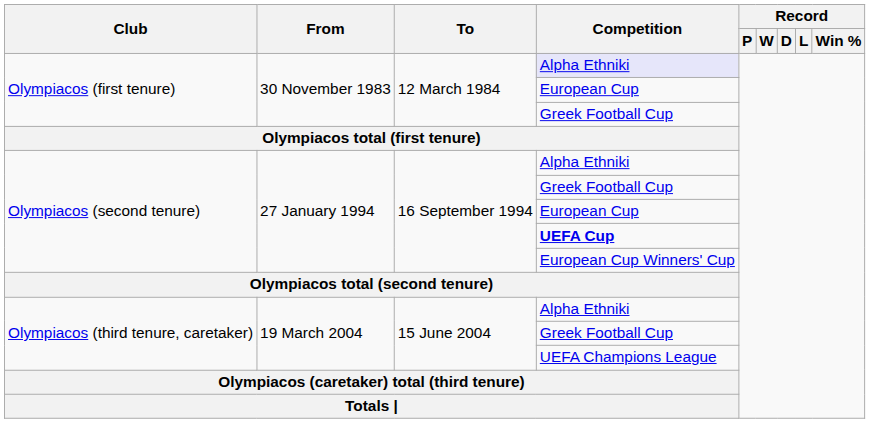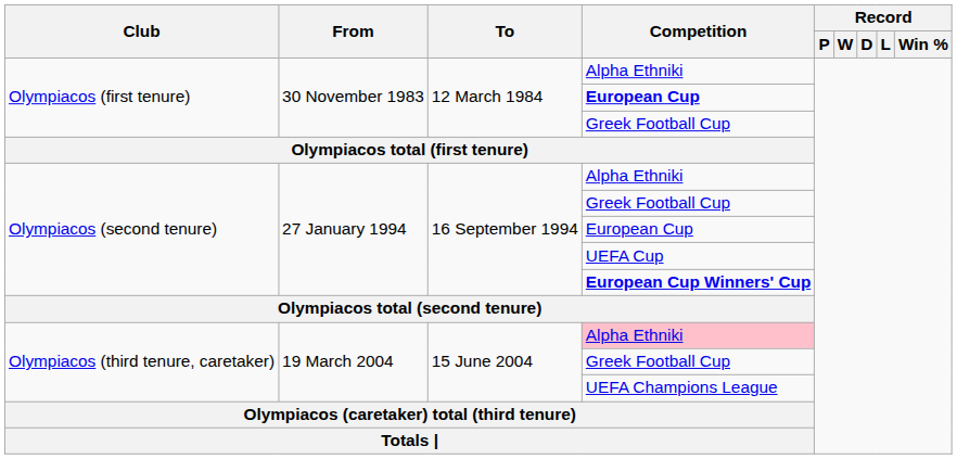 <table class="wikitable collapsible collapsed">
 <tr>
 <th rowspan=2>Club</th>
 <th rowspan=2>From</th>
 <th rowspan=2>To</th>
 <th rowspan=2>Competition</th>
 <th colspan=5>Record</th>
 </tr>
 <tr>
 <th>P</th>
 <th>W</th>
 <th>D</th>
 <th>L</th>
 <th>Win %</th>
 </tr>
 <tr>
 <td rowspan=3 align=left><a href='#'>Olympiacos</a>     (first tenure)</td>
 <td rowspan=3 align=left>30 November 1983</td>
 <td rowspan=3 align=left>12 March 1984</td>
-<td align=left style="background: lavender;"><a href='#'>Alpha Ethniki</a><br></td>
+<td align=left><a href='#'>Alpha Ethniki</a><br></td>
 </tr>
 <tr>
-<td align=left><a href='#'>European Cup</a><br></td>
+<td align=left><strong><a href='#'>European Cup</a><br></strong></td>
 </tr>
 <tr>
 <td align=left><a href='#'>Greek Football Cup</a><br></td>
 </tr>
 <tr>
 <th colspan="4">Olympiacos total     (first tenure)<br></th>
 </tr>
 <tr>
 <td rowspan=5 align=left><a href='#'>Olympiacos</a>     (second tenure)</td>
 <td rowspan=5 align=left>27 January 1994</td>
 <td rowspan=5 align=left>16 September 1994</td>
 <td align=left><a href='#'>Alpha Ethniki</a><br></td>
 </tr>
 <tr>
 <td align=left><a href='#'>Greek Football Cup</a><br></td>
 </tr>
 <tr>
 <td align=left><a href='#'>European Cup</a><br></td>
 </tr>
 <tr>
-<td align=left><strong><a href='#'>UEFA Cup</a><br></strong></td>
+<td align=left><a href='#'>UEFA Cup</a><br></td>
 </tr>
 <tr>
-<td align=left><a href='#'>European Cup Winners' Cup</a><br></td>
+<td align=left><strong><a href='#'>European Cup Winners' Cup</a><br></strong></td>
 </tr>
 <tr>
 <th colspan="4">Olympiacos total    (second tenure)<br></th>
 </tr>
 <tr>
 <td rowspan=3 align=left><a href='#'>Olympiacos</a>     (third tenure, caretaker)</td>
 <td rowspan=3 align=left>19 March 2004</td>
 <td rowspan=3 align=left>15 June 2004</td>
-<td align=left><a href='#'>Alpha Ethniki</a><br></td>
+<td align=left style="background: pink;"><a href='#'>Alpha Ethniki</a><br></td>
 </tr>
 <tr>
 <td align=left><a href='#'>Greek Football Cup</a><br></td>
 </tr>
 <tr>
 <td align=left><a href='#'>UEFA Champions League</a><br></td>
 </tr>
 <tr>
 <th colspan="4">Olympiacos (caretaker) total      (third tenure)<br></th>
 </tr>
 <tr>
 <th colspan="4">Totals |</th>
 </tr>
 </table>
